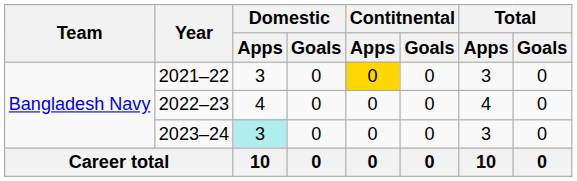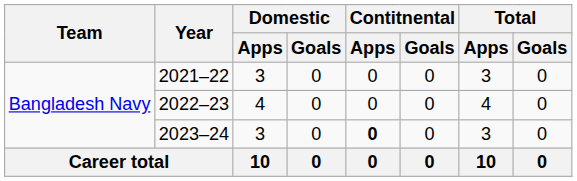 <table class="wikitable" style="text-align:center;">
 <tr>
 <th rowspan=2>Team</th>
 <th rowspan=2>Year</th>
 <th colspan=2>Domestic</th>
 <th colspan=2>Contitnental</th>
 <th colspan=2>Total</th>
 </tr>
 <tr>
 <th>Apps</th>
 <th>Goals</th>
 <th>Apps</th>
 <th>Goals</th>
 <th>Apps</th>
 <th>Goals</th>
 </tr>
 <tr>
 <td rowspan="3"><a href='#'>Bangladesh Navy</a></td>
 <td>2021–22</td>
 <td>3</td>
 <td>0</td>
-<td style="background: gold;">0</td>
+<td>0</td>
 <td>0</td>
 <td>3</td>
 <td>0</td>
 </tr>
 <tr>
 <td>2022–23</td>
 <td>4</td>
 <td>0</td>
 <td>0</td>
 <td>0</td>
 <td>4</td>
 <td>0</td>
 </tr>
 <tr>
 <td>2023–24</td>
-<td style="background: paleturquoise;">3</td>
+<td>3</td>
 <td>0</td>
-<td>0</td>
+<td><strong>0</strong></td>
 <td>0</td>
 <td>3</td>
 <td>0</td>
 </tr>
 <tr>
 <th colspan="2">Career total</th>
 <th>10</th>
 <th>0</th>
 <th>0</th>
 <th>0</th>
 <th>10</th>
 <th>0</th>
 </tr>
 </table>
